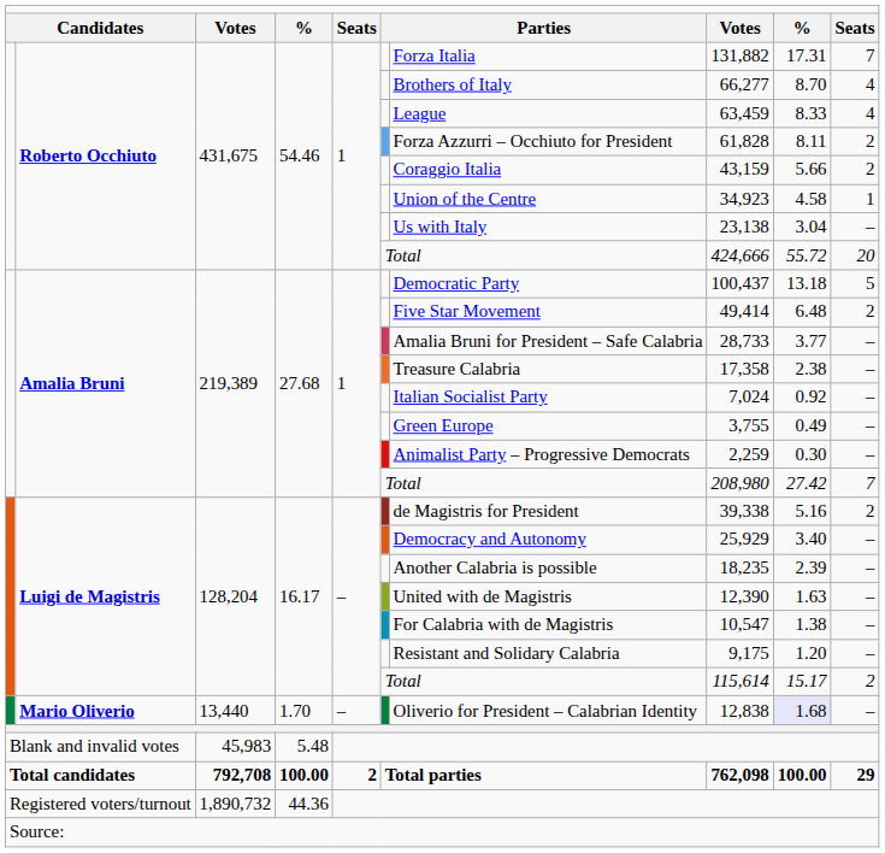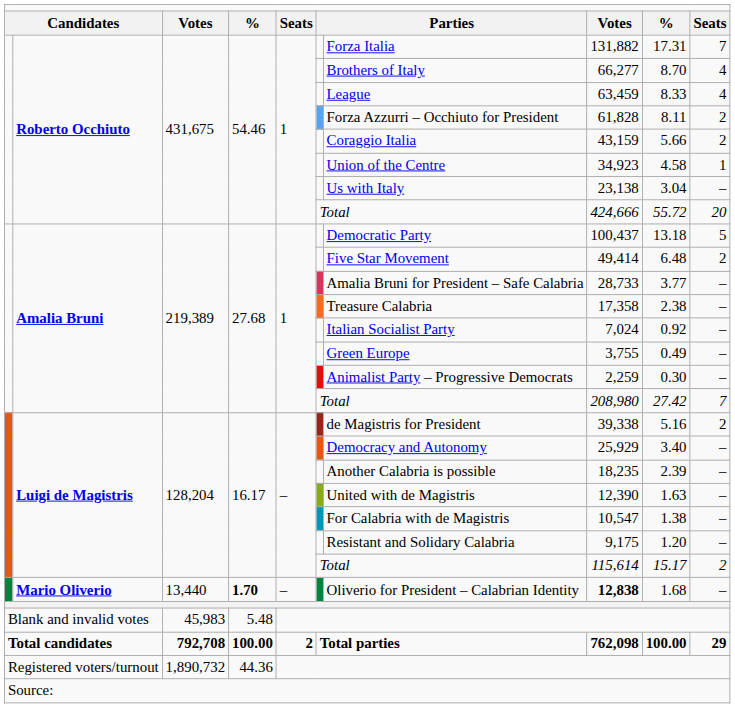 <table class="wikitable">
 <tr>
 <td colspan="10"></td>
 </tr>
 <tr>
 <th colspan=2>Candidates</th>
 <th>Votes</th>
 <th>%</th>
 <th>Seats</th>
 <th colspan=2>Parties</th>
 <th>Votes</th>
 <th>%</th>
 <th>Seats</th>
 </tr>
 <tr>
 <td rowspan=8></td>
 <td rowspan=8><strong><a href='#'>Roberto Occhiuto</a></strong></td>
 <td rowspan="8">431,675</td>
 <td rowspan="8">54.46</td>
 <td rowspan="8">1</td>
 <td></td>
 <td><a href='#'>Forza Italia</a></td>
 <td align=right>131,882</td>
 <td align=right>17.31</td>
 <td align=right>7</td>
 </tr>
 <tr>
 <td></td>
 <td><a href='#'>Brothers of Italy</a></td>
 <td align=right>66,277</td>
 <td align=right>8.70</td>
 <td align=right>4</td>
 </tr>
 <tr>
 <td></td>
 <td><a href='#'>League</a></td>
 <td align=right>63,459</td>
 <td align=right>8.33</td>
 <td align=right>4</td>
 </tr>
 <tr>
 <td bgcolor="#56A5EC"></td>
 <td>Forza Azzurri – Occhiuto for President</td>
 <td align=right>61,828</td>
 <td align=right>8.11</td>
 <td align=right>2</td>
 </tr>
 <tr>
 <td></td>
 <td><a href='#'>Coraggio Italia</a></td>
 <td align=right>43,159</td>
 <td align=right>5.66</td>
 <td align=right>2</td>
 </tr>
 <tr>
 <td></td>
 <td><a href='#'>Union of the Centre</a></td>
 <td align=right>34,923</td>
 <td align=right>4.58</td>
 <td align=right>1</td>
 </tr>
 <tr>
 <td></td>
 <td style="text-align:left;"><a href='#'>Us with Italy</a></td>
 <td align=right>23,138</td>
 <td align=right>3.04</td>
 <td align=right>–</td>
 </tr>
 <tr>
 <td colspan=2><em>Total</em></td>
 <td align=right><em>424,666</em></td>
 <td align=right><em>55.72</em></td>
 <td align=right><em>20</em></td>
 </tr>
 <tr>
 <td rowspan=8></td>
 <td rowspan=8><strong><a href='#'>Amalia Bruni</a></strong></td>
 <td rowspan="8">219,389</td>
 <td rowspan="8">27.68</td>
 <td rowspan="8">1</td>
 <td></td>
 <td><a href='#'>Democratic Party</a></td>
 <td align=right>100,437</td>
 <td align=right>13.18</td>
 <td align=right>5</td>
 </tr>
 <tr>
 <td></td>
 <td><a href='#'>Five Star Movement</a></td>
 <td align=right>49,414</td>
 <td align=right>6.48</td>
 <td align=right>2</td>
 </tr>
 <tr>
 <td bgcolor="#CE3A5E"></td>
 <td style="text-align:left;">Amalia Bruni for President – Safe Calabria</td>
 <td align=right>28,733</td>
 <td align=right>3.77</td>
 <td align=right>–</td>
 </tr>
 <tr>
 <td style="background-color:#F36B21"></td>
 <td>Treasure Calabria</td>
 <td align=right>17,358</td>
 <td align=right>2.38</td>
 <td align=right>–</td>
 </tr>
 <tr>
 <td></td>
 <td style="text-align:left;"><a href='#'>Italian Socialist Party</a></td>
 <td align=right>7,024</td>
 <td align=right>0.92</td>
 <td align=right>–</td>
 </tr>
 <tr>
 <td></td>
 <td style="text-align:left;"><a href='#'>Green Europe</a></td>
 <td align=right>3,755</td>
 <td align=right>0.49</td>
 <td align=right>–</td>
 </tr>
 <tr>
 <td bgcolor="#E60C0C"></td>
 <td style="text-align:left;"><a href='#'>Animalist Party</a> – Progressive Democrats</td>
 <td align=right>2,259</td>
 <td align=right>0.30</td>
 <td align=right>–</td>
 </tr>
 <tr>
 <td colspan=2><em>Total</em></td>
 <td align=right><em>208,980</em></td>
 <td align=right><em>27.42</em></td>
 <td align=right><em>7</em></td>
 </tr>
 <tr>
 <td rowspan="7" bgcolor="#E4590F"></td>
 <td rowspan=7><strong><a href='#'>Luigi de Magistris</a></strong></td>
 <td rowspan="7">128,204</td>
 <td rowspan="7">16.17</td>
 <td rowspan="7">–</td>
 <td bgcolor="#93271A"></td>
 <td style="text-align:left;">de Magistris for President</td>
 <td align=right>39,338</td>
 <td align=right>5.16</td>
 <td align=right>2</td>
 </tr>
 <tr>
 <td bgcolor="#E4590F"></td>
 <td style="text-align:left;"><a href='#'>Democracy and Autonomy</a></td>
 <td align=right>25,929</td>
 <td align=right>3.40</td>
 <td align=right>–</td>
 </tr>
 <tr>
 <td></td>
 <td style="text-align:left;">Another Calabria is possible</td>
 <td align=right>18,235</td>
 <td align=right>2.39</td>
 <td align=right>–</td>
 </tr>
 <tr>
 <td bgcolor="#89AA1D"></td>
 <td style="text-align:left;">United with de Magistris</td>
 <td align=right>12,390</td>
 <td align=right>1.63</td>
 <td align=right>–</td>
 </tr>
 <tr>
 <td bgcolor="#0196B9"></td>
 <td style="text-align:left;">For Calabria with de Magistris</td>
 <td align=right>10,547</td>
 <td align=right>1.38</td>
 <td align=right>–</td>
 </tr>
 <tr>
 <td></td>
 <td style="text-align:left;">Resistant and Solidary Calabria</td>
 <td align=right>9,175</td>
 <td align=right>1.20</td>
 <td align=right>–</td>
 </tr>
 <tr>
 <td colspan=2><em>Total</em></td>
 <td align=right><em>115,614</em></td>
 <td align=right><em>15.17</em></td>
 <td align=right><em>2</em></td>
 </tr>
 <tr>
 <td bgcolor="#00833F"></td>
 <td><strong><a href='#'>Mario Oliverio</a></strong></td>
 <td>13,440</td>
-<td>1.70</td>
+<td><strong>1.70</strong></td>
 <td>–</td>
 <td bgcolor="#00833F"></td>
 <td style="text-align:left;">Oliverio for President – Calabrian Identity</td>
-<td align=right>12,838</td>
-<td align=right style="background: lavender;">1.68</td>
+<td align=right><strong>12,838</strong></td>
+<td align=right>1.68</td>
 <td align=right>–</td>
 </tr>
 <tr>
 <th colspan=10></th>
 </tr>
 <tr>
 <td colspan=2>Blank and invalid votes</td>
 <td align=right>45,983</td>
 <td align=right>5.48</td>
 <td colspan=6></td>
 </tr>
 <tr>
 <td colspan=2><strong>Total candidates</strong></td>
 <td align=right><strong>792,708</strong></td>
 <td align=right><strong>100.00</strong></td>
 <td align=right><strong>2</strong></td>
 <td colspan=2><strong>Total parties</strong></td>
 <td align=right><strong>762,098</strong></td>
 <td align=right><strong>100.00</strong></td>
 <td align=right><strong>29</strong></td>
 </tr>
 <tr>
 <td colspan=2>Registered voters/turnout</td>
 <td align=right>1,890,732</td>
 <td align=right>44.36</td>
 <td colspan=6></td>
 </tr>
 <tr>
 <td colspan=11>Source: </td>
 </tr>
 </table>
